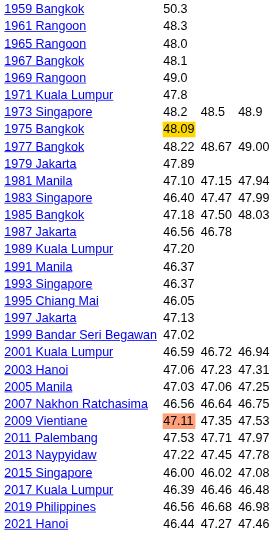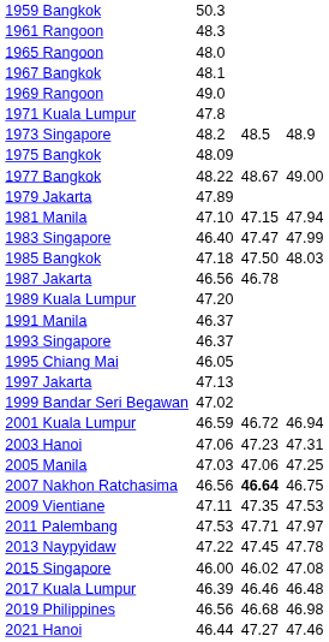 <table>
 <tr>
 <td><a href='#'>1959 Bangkok</a></td>
 <td></td>
 <td>50.3</td>
 <td></td>
 <td></td>
 <td></td>
 <td></td>
 </tr>
 <tr>
 <td><a href='#'>1961 Rangoon</a></td>
 <td></td>
 <td>48.3</td>
 <td></td>
 <td></td>
 <td></td>
 <td></td>
 </tr>
 <tr>
 <td><a href='#'>1965 Rangoon</a></td>
 <td></td>
 <td>48.0</td>
 <td></td>
 <td></td>
 <td></td>
 <td></td>
 </tr>
 <tr>
 <td><a href='#'>1967 Bangkok</a></td>
 <td></td>
 <td>48.1</td>
 <td></td>
 <td></td>
 <td></td>
 <td></td>
 </tr>
 <tr>
 <td><a href='#'>1969 Rangoon</a></td>
 <td></td>
 <td>49.0</td>
 <td></td>
 <td></td>
 <td></td>
 <td></td>
 </tr>
 <tr>
 <td><a href='#'>1971 Kuala Lumpur</a></td>
 <td></td>
 <td>47.8</td>
 <td></td>
 <td></td>
 <td></td>
 <td></td>
 </tr>
 <tr>
 <td><a href='#'>1973 Singapore</a></td>
 <td></td>
 <td>48.2</td>
 <td></td>
 <td>48.5</td>
 <td></td>
 <td>48.9</td>
 </tr>
 <tr>
 <td><a href='#'>1975 Bangkok</a></td>
 <td></td>
-<td style="background: gold;">48.09</td>
+<td>48.09</td>
 <td></td>
 <td></td>
 <td></td>
 <td></td>
 </tr>
 <tr>
 <td><a href='#'>1977 Bangkok</a></td>
 <td></td>
 <td>48.22</td>
 <td></td>
 <td>48.67</td>
 <td></td>
 <td>49.00</td>
 </tr>
 <tr>
 <td><a href='#'>1979 Jakarta</a></td>
 <td></td>
 <td>47.89</td>
 <td></td>
 <td></td>
 <td></td>
 <td></td>
 </tr>
 <tr>
 <td><a href='#'>1981 Manila</a></td>
 <td></td>
 <td>47.10</td>
 <td></td>
 <td>47.15</td>
 <td></td>
 <td>47.94</td>
 </tr>
 <tr>
 <td><a href='#'>1983 Singapore</a></td>
 <td></td>
 <td>46.40</td>
 <td></td>
 <td>47.47</td>
 <td></td>
 <td>47.99</td>
 </tr>
 <tr>
 <td><a href='#'>1985 Bangkok</a></td>
 <td></td>
 <td>47.18</td>
 <td></td>
 <td>47.50</td>
 <td></td>
 <td>48.03</td>
 </tr>
 <tr>
 <td><a href='#'>1987 Jakarta</a></td>
 <td></td>
 <td>46.56</td>
 <td></td>
 <td>46.78</td>
 <td></td>
 <td></td>
 </tr>
 <tr>
 <td><a href='#'>1989 Kuala Lumpur</a></td>
 <td></td>
 <td>47.20</td>
 <td></td>
 <td></td>
 <td></td>
 <td></td>
 </tr>
 <tr>
 <td><a href='#'>1991 Manila</a></td>
 <td></td>
 <td>46.37</td>
 <td></td>
 <td></td>
 <td></td>
 <td></td>
 </tr>
 <tr>
 <td><a href='#'>1993 Singapore</a></td>
 <td></td>
 <td>46.37</td>
 <td></td>
 <td></td>
 <td></td>
 <td></td>
 </tr>
 <tr>
 <td><a href='#'>1995 Chiang Mai</a></td>
 <td></td>
 <td>46.05</td>
 <td></td>
 <td></td>
 <td></td>
 <td></td>
 </tr>
 <tr>
 <td><a href='#'>1997 Jakarta</a></td>
 <td></td>
 <td>47.13</td>
 <td></td>
 <td></td>
 <td></td>
 <td></td>
 </tr>
 <tr>
 <td><a href='#'>1999 Bandar Seri Begawan</a></td>
 <td></td>
 <td>47.02</td>
 <td></td>
 <td></td>
 <td></td>
 <td></td>
 </tr>
 <tr>
 <td><a href='#'>2001 Kuala Lumpur</a></td>
 <td></td>
 <td>46.59</td>
 <td></td>
 <td>46.72</td>
 <td></td>
 <td>46.94</td>
 </tr>
 <tr>
 <td><a href='#'>2003 Hanoi</a></td>
 <td></td>
 <td>47.06</td>
 <td></td>
 <td>47.23</td>
 <td></td>
 <td>47.31</td>
 </tr>
 <tr>
 <td><a href='#'>2005 Manila</a></td>
 <td></td>
 <td>47.03</td>
 <td></td>
 <td>47.06</td>
 <td></td>
 <td>47.25</td>
 </tr>
 <tr>
 <td><a href='#'>2007 Nakhon Ratchasima</a></td>
 <td></td>
 <td>46.56</td>
 <td></td>
-<td>46.64</td>
+<td><strong>46.64</strong></td>
 <td></td>
 <td>46.75</td>
 </tr>
 <tr>
 <td><a href='#'>2009 Vientiane</a></td>
 <td></td>
-<td style="background: lightsalmon;">47.11</td>
+<td>47.11</td>
 <td></td>
 <td>47.35</td>
 <td></td>
 <td>47.53</td>
 </tr>
 <tr>
 <td><a href='#'>2011 Palembang</a></td>
 <td></td>
 <td>47.53</td>
 <td></td>
 <td>47.71</td>
 <td></td>
 <td>47.97</td>
 </tr>
 <tr>
 <td><a href='#'>2013 Naypyidaw</a></td>
 <td></td>
 <td>47.22</td>
 <td></td>
 <td>47.45</td>
 <td></td>
 <td>47.78</td>
 </tr>
 <tr>
 <td><a href='#'>2015 Singapore</a></td>
 <td></td>
 <td>46.00 <strong></strong></td>
 <td></td>
 <td>46.02</td>
 <td></td>
 <td>47.08</td>
 </tr>
 <tr>
 <td><a href='#'>2017 Kuala Lumpur</a></td>
 <td></td>
 <td>46.39</td>
 <td></td>
 <td>46.46</td>
 <td></td>
 <td>46.48</td>
 </tr>
 <tr>
 <td><a href='#'>2019 Philippines</a></td>
 <td></td>
 <td>46.56</td>
 <td></td>
 <td>46.68</td>
 <td></td>
 <td>46.98</td>
 </tr>
 <tr>
 <td><a href='#'>2021 Hanoi</a></td>
 <td></td>
 <td>46.44</td>
 <td></td>
 <td>47.27</td>
 <td></td>
 <td>47.46</td>
 </tr>
 <tr>
 </tr>
 </table>
